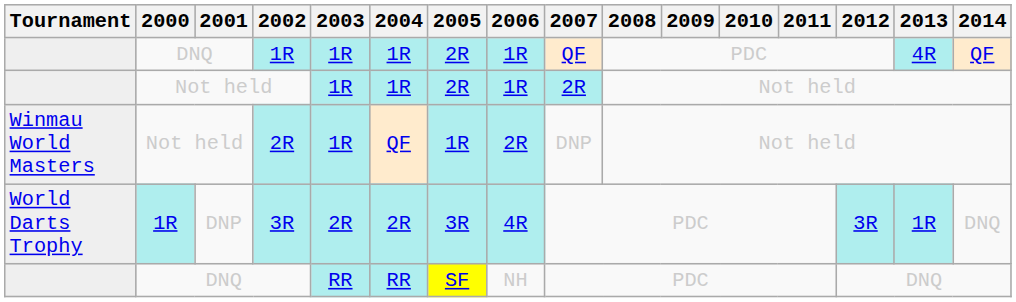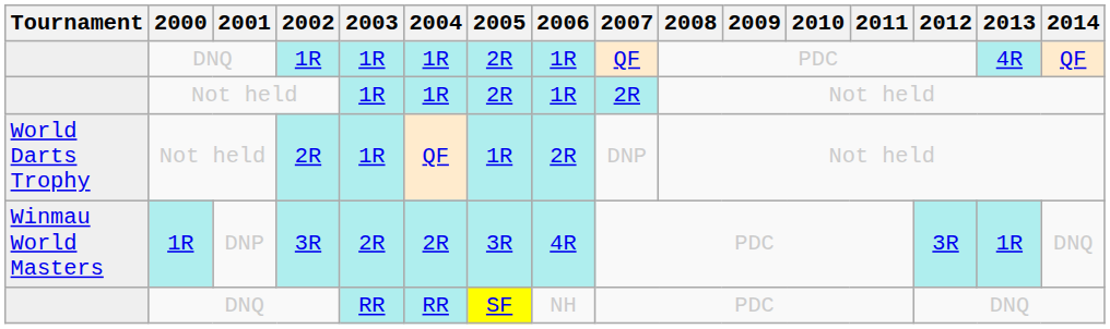 <table class="wikitable" style="width:50%; margin:0">
 <tr>
 <th>Tournament</th>
 <th>2000</th>
 <th>2001</th>
 <th>2002</th>
 <th>2003</th>
 <th>2004</th>
 <th>2005</th>
 <th>2006</th>
 <th>2007</th>
 <th>2008</th>
 <th>2009</th>
 <th>2010</th>
 <th>2011</th>
 <th>2012</th>
 <th>2013</th>
 <th>2014</th>
 </tr>
 <tr>
 <td style="background:#efefef;"></td>
 <td colspan="2" style="text-align:center; color:#ccc;">DNQ</td>
 <td style="text-align:center; background:#afeeee;"><a href='#'>1R</a></td>
 <td style="text-align:center; background:#afeeee;"><a href='#'>1R</a></td>
 <td style="text-align:center; background:#afeeee;"><a href='#'>1R</a></td>
 <td style="text-align:center; background:#afeeee;"><a href='#'>2R</a></td>
 <td style="text-align:center; background:#afeeee;"><a href='#'>1R</a></td>
 <td style="text-align:center; background:#ffebcd;"><a href='#'>QF</a></td>
 <td colspan="5" style="text-align:center; color:#ccc;">PDC</td>
 <td style="text-align:center; background:#afeeee;"><a href='#'>4R</a></td>
 <td style="text-align:center; background:#ffebcd;"><a href='#'>QF</a></td>
 </tr>
 <tr>
 <td style="background:#efefef;"></td>
 <td colspan="3" style="text-align:center; color:#ccc;">Not held</td>
 <td style="text-align:center; background:#afeeee;"><a href='#'>1R</a></td>
 <td style="text-align:center; background:#afeeee;"><a href='#'>1R</a></td>
 <td style="text-align:center; background:#afeeee;"><a href='#'>2R</a></td>
 <td style="text-align:center; background:#afeeee;"><a href='#'>1R</a></td>
 <td style="text-align:center; background:#afeeee;"><a href='#'>2R</a></td>
 <td colspan="11" style="text-align:center; color:#ccc;">Not held</td>
 </tr>
 <tr>
-<td style="background:#efefef;"><a href='#'>Winmau World Masters</a></td>
+<td style="background:#efefef;"><a href='#'>World Darts Trophy</a></td>
 <td colspan="2" style="text-align:center; color:#ccc;">Not held</td>
 <td style="text-align:center; background:#afeeee;"><a href='#'>2R</a></td>
 <td style="text-align:center; background:#afeeee;"><a href='#'>1R</a></td>
 <td style="text-align:center; background:#ffebcd;"><a href='#'>QF</a></td>
 <td style="text-align:center; background:#afeeee;"><a href='#'>1R</a></td>
 <td style="text-align:center; background:#afeeee;"><a href='#'>2R</a></td>
 <td style="text-align:center; color:#ccc;">DNP</td>
 <td colspan="11" style="text-align:center; color:#ccc;">Not held</td>
 </tr>
 <tr>
-<td style="background:#efefef;"><a href='#'>World Darts Trophy</a></td>
+<td style="background:#efefef;"><a href='#'>Winmau World Masters</a></td>
 <td style="text-align:center; background:#afeeee;"><a href='#'>1R</a></td>
 <td style="text-align:center; color:#ccc;">DNP</td>
 <td style="text-align:center; background:#afeeee;"><a href='#'>3R</a></td>
 <td style="text-align:center; background:#afeeee;"><a href='#'>2R</a></td>
 <td style="text-align:center; background:#afeeee;"><a href='#'>2R</a></td>
 <td style="text-align:center; background:#afeeee;"><a href='#'>3R</a></td>
 <td style="text-align:center; background:#afeeee;"><a href='#'>4R</a></td>
 <td colspan="5" style="text-align:center; color:#ccc;">PDC</td>
 <td style="text-align:center; background:#afeeee;"><a href='#'>3R</a></td>
 <td style="text-align:center; background:#afeeee;"><a href='#'>1R</a></td>
 <td colspan="1" style="text-align:center; color:#ccc;">DNQ</td>
 </tr>
 <tr>
 <td style="background:#efefef;"></td>
 <td colspan="3" style="text-align:center; color:#ccc;">DNQ</td>
 <td style="text-align:center; background:#afeeee;"><a href='#'>RR</a></td>
 <td style="text-align:center; background:#afeeee;"><a href='#'>RR</a></td>
 <td style="text-align:center; background:yellow;"><a href='#'>SF</a></td>
 <td colspan="1" style="text-align:center; color:#ccc;">NH</td>
 <td colspan="5" style="text-align:center; color:#ccc;">PDC</td>
 <td colspan="5" style="text-align:center; color:#ccc;">DNQ</td>
 </tr>
 </table>
